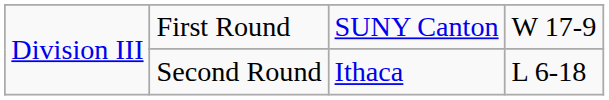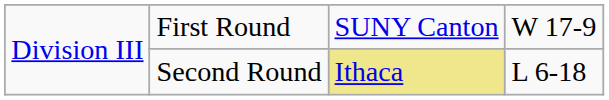 <table class="wikitable">
 <tr>
 <td rowspan="2"><a href='#'>Division III</a></td>
 <td>First Round</td>
 <td><a href='#'>SUNY Canton</a></td>
 <td>W 17-9</td>
 </tr>
 <tr>
 <td>Second Round</td>
-<td><a href='#'>Ithaca</a></td>
+<td style="background: khaki;"><a href='#'>Ithaca</a></td>
 <td>L 6-18</td>
 </tr>
 </table>
